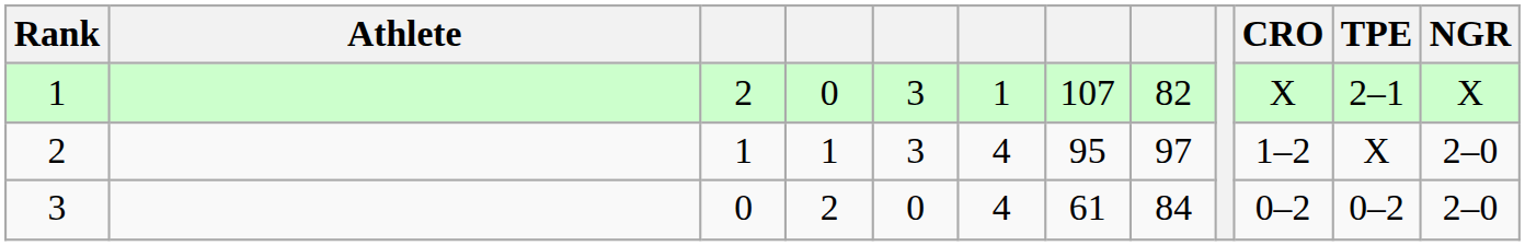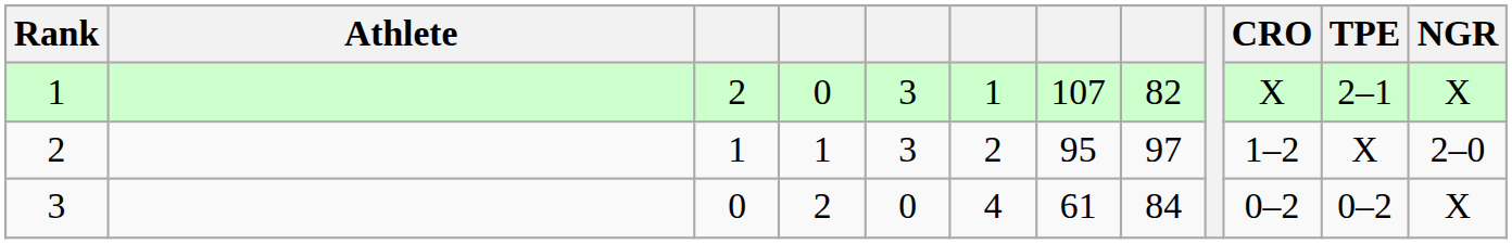 <table class="wikitable" style="text-align:center">
 <tr>
 <th>Rank</th>
 <th width=250>Athlete</th>
 <th width=30></th>
 <th width=30></th>
 <th width=30></th>
 <th width=30></th>
 <th width=30></th>
 <th width=30></th>
 <th rowspan=4></th>
 <th width=30>CRO</th>
 <th width=30>TPE</th>
 <th width=30>NGR</th>
 </tr>
 <tr style="background-color:#ccffcc;">
 <td>1</td>
 <td align=left></td>
 <td>2</td>
 <td>0</td>
 <td>3</td>
 <td>1</td>
 <td>107</td>
 <td>82</td>
 <td>X</td>
 <td>2–1</td>
 <td>X</td>
 </tr>
 <tr>
 <td>2</td>
 <td align=left></td>
 <td>1</td>
 <td>1</td>
 <td>3</td>
-<td>4</td>
+<td>2</td>
 <td>95</td>
 <td>97</td>
 <td>1–2</td>
 <td>X</td>
 <td>2–0</td>
 </tr>
 <tr>
 <td>3</td>
 <td align=left></td>
 <td>0</td>
 <td>2</td>
 <td>0</td>
 <td>4</td>
 <td>61</td>
 <td>84</td>
 <td>0–2</td>
 <td>0–2</td>
-<td>2–0</td>
+<td>X</td>
 </tr>
 </table>
